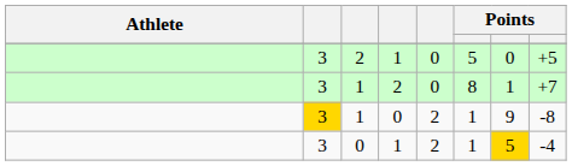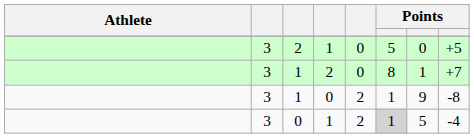 <table class="wikitable" style="text-align: center; font-size:100% ">
 <tr>
 <th rowspan=2 width=250>Athlete</th>
 <th rowspan=2 width=25></th>
 <th rowspan=2 width=25></th>
 <th rowspan=2 width=25></th>
 <th rowspan=2 width=25></th>
 <th colspan=3>Points</th>
 </tr>
 <tr>
 <th width=25></th>
 <th width=25></th>
 <th width=25></th>
 </tr>
 <tr bgcolor="ccffcc">
 </tr>
 <tr bgcolor="ccffcc">
 <td align=left></td>
 <td>3</td>
 <td>2</td>
 <td>1</td>
 <td>0</td>
 <td>5</td>
 <td>0</td>
 <td>+5</td>
 </tr>
 <tr bgcolor="ccffcc">
 <td align=left></td>
 <td>3</td>
 <td>1</td>
 <td>2</td>
 <td>0</td>
 <td>8</td>
 <td>1</td>
 <td>+7</td>
 </tr>
 <tr>
 <td align=left></td>
-<td style="background: gold;">3</td>
+<td>3</td>
 <td>1</td>
 <td>0</td>
 <td>2</td>
 <td>1</td>
 <td>9</td>
 <td>-8</td>
 </tr>
 <tr>
 <td align=left></td>
 <td>3</td>
 <td>0</td>
 <td>1</td>
 <td>2</td>
-<td>1</td>
-<td style="background: gold;">5</td>
+<td style="background: lightgrey;">1</td>
+<td>5</td>
 <td>-4</td>
 </tr>
 </table>
